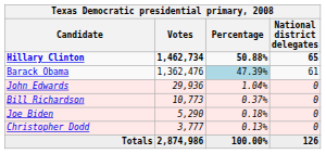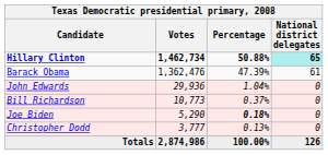 <table class="wikitable" style="font-size:95%; text-align:right;">
 <tr>
 <th colspan="4">Texas Democratic presidential primary, 2008</th>
 </tr>
 <tr>
 <th style="width: 17em">Candidate</th>
 <th style="width: 5em">Votes</th>
 <th style="width: 7em">Percentage</th>
 <th style="width: 5em">National district delegates</th>
 </tr>
 <tr>
 <td align="left"><strong><a href='#'>Hillary Clinton</a></strong></td>
 <td><strong>1,462,734</strong></td>
 <td><strong>50.88%</strong></td>
-<td><strong>65</strong></td>
+<td style="background: paleturquoise;"><strong>65</strong></td>
 </tr>
 <tr>
 <td align="left"><a href='#'>Barack Obama</a></td>
 <td>1,362,476</td>
-<td style="background: lightblue;">47.39%</td>
+<td>47.39%</td>
 <td>61</td>
 </tr>
 <tr bgcolor=#FFE8E8>
 <td align="left"><em><a href='#'>John Edwards</a></em></td>
 <td><em>29,936</em></td>
 <td><em>1.04%</em></td>
 <td><em>0</em></td>
 </tr>
 <tr bgcolor=#FFE8E8>
 <td align="left"><em><a href='#'>Bill Richardson</a></em></td>
 <td><em>10,773</em></td>
 <td><em>0.37%</em></td>
 <td><em>0</em></td>
 </tr>
 <tr bgcolor=#FFE8E8>
 <td align="left"><em><a href='#'>Joe Biden</a></em></td>
 <td><em>5,290</em></td>
-<td><em>0.18%</em></td>
+<td><strong><em>0.18%</em></strong></td>
 <td><em>0</em></td>
 </tr>
 <tr bgcolor=#FFE8E8>
 <td align="left"><em><a href='#'>Christopher Dodd</a></em></td>
 <td><em>3,777</em></td>
 <td><em>0.13%</em></td>
 <td><em>0</em></td>
 </tr>
 <tr bgcolor="#EEEEEE" style="margin-right:0.5em">
 <td><strong>Totals</strong></td>
 <td><strong>2,874,986</strong></td>
 <td><strong>100.00%</strong></td>
 <td><strong>126</strong></td>
 </tr>
 </table>
